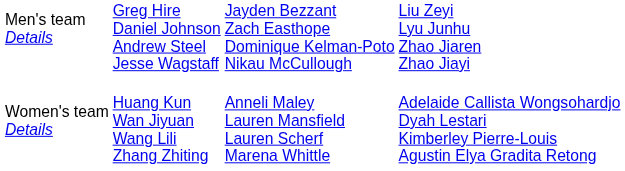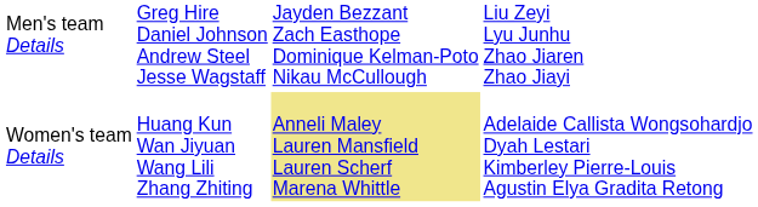 <table>
 <tr>
 <td>Men's team<br><em><a href='#'>Details</a></em></td>
 <td align=left><br><a href='#'>Greg Hire</a><br><a href='#'>Daniel Johnson</a><br><a href='#'>Andrew Steel</a><br><a href='#'>Jesse Wagstaff</a></td>
 <td align=left><br><a href='#'>Jayden Bezzant</a><br><a href='#'>Zach Easthope</a><br><a href='#'>Dominique Kelman-Poto</a><br><a href='#'>Nikau McCullough</a></td>
 <td align=left><br><a href='#'>Liu Zeyi</a><br><a href='#'>Lyu Junhu</a><br><a href='#'>Zhao Jiaren</a><br><a href='#'>Zhao Jiayi</a></td>
 </tr>
 <tr>
 <td>Women's team<br><em><a href='#'>Details</a></em></td>
 <td align=left><br><a href='#'>Huang Kun</a><br><a href='#'>Wan Jiyuan</a><br><a href='#'>Wang Lili</a><br><a href='#'>Zhang Zhiting</a></td>
-<td align=left><br><a href='#'>Anneli Maley</a><br><a href='#'>Lauren Mansfield</a><br><a href='#'>Lauren Scherf</a><br><a href='#'>Marena Whittle</a></td>
+<td align=left style="background: khaki;"><br><a href='#'>Anneli Maley</a><br><a href='#'>Lauren Mansfield</a><br><a href='#'>Lauren Scherf</a><br><a href='#'>Marena Whittle</a></td>
 <td align=left><br><a href='#'>Adelaide Callista Wongsohardjo</a><br><a href='#'>Dyah Lestari</a><br><a href='#'>Kimberley Pierre-Louis</a><br><a href='#'>Agustin Elya Gradita Retong</a></td>
 </tr>
 </table>
